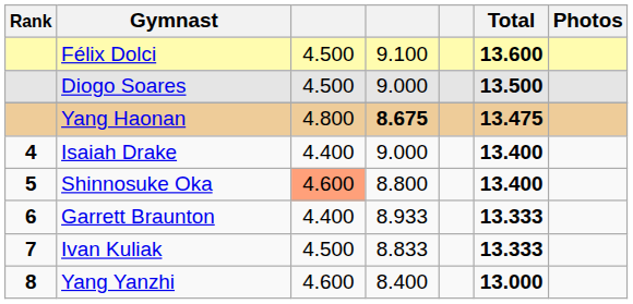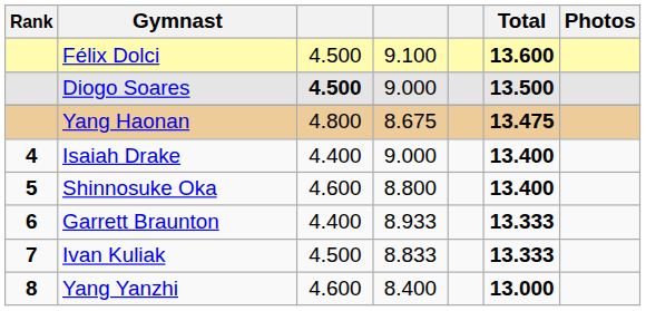 <table style="text-align:center;" class="wikitable sortable">
 <tr>
 <th scope="col" style="width:15px;"><small>Rank</small></th>
 <th scope="col" style="width:175px;">Gymnast</th>
 <th scope="col" style="width:50px;"><small></small></th>
 <th scope="col" style="width:50px;"><small></small></th>
 <th scope="col" style="width:20px;"><small></small></th>
 <th scope="col" style="width:50px;">Total</th>
 <th scope="col" style="width:50px;">Photos</th>
 </tr>
 <tr style="background:#fffcaf;">
 <td scope="row" style="text-align:center"><strong></strong></td>
 <td style="text-align:left;"> <a href='#'>Félix Dolci</a></td>
 <td>4.500</td>
 <td>9.100</td>
 <td></td>
 <td><strong>13.600</strong></td>
 <td></td>
 </tr>
 <tr style="background:#e5e5e5;">
 <td scope="row" style="text-align:center"><strong></strong></td>
 <td style="text-align:left;"> <a href='#'>Diogo Soares</a></td>
-<td>4.500</td>
+<td><strong>4.500</strong></td>
 <td>9.000</td>
 <td></td>
 <td><strong>13.500</strong></td>
 <td></td>
 </tr>
 <tr>
 </tr>
 <tr style="background:#ec9;">
 <td scope="row" style="text-align:center"><strong></strong></td>
 <td style="text-align:left;"> <a href='#'>Yang Haonan</a></td>
 <td>4.800</td>
-<td><strong>8.675</strong></td>
+<td>8.675</td>
 <td></td>
 <td><strong>13.475</strong></td>
 <td></td>
 </tr>
 <tr>
 <td scope="row" style="text-align:center"><strong>4</strong></td>
 <td style="text-align:left;"> <a href='#'>Isaiah Drake</a></td>
 <td>4.400</td>
 <td>9.000</td>
 <td></td>
 <td><strong>13.400</strong></td>
 <td></td>
 </tr>
 <tr>
 <td scope="row" style="text-align:center"><strong>5</strong></td>
 <td style="text-align:left;"> <a href='#'>Shinnosuke Oka</a></td>
-<td style="background: lightsalmon;">4.600</td>
+<td>4.600</td>
 <td>8.800</td>
 <td></td>
 <td><strong>13.400</strong></td>
 <td></td>
 </tr>
 <tr>
 <td scope="row" style="text-align:center"><strong>6</strong></td>
 <td style="text-align:left;"> <a href='#'>Garrett Braunton</a></td>
 <td>4.400</td>
 <td>8.933</td>
 <td></td>
 <td><strong>13.333</strong></td>
 <td></td>
 </tr>
 <tr>
 <td scope="row" style="text-align:center"><strong>7</strong></td>
 <td style="text-align:left;"> <a href='#'>Ivan Kuliak</a></td>
 <td>4.500</td>
 <td>8.833</td>
 <td></td>
 <td><strong>13.333</strong></td>
 <td></td>
 </tr>
 <tr>
 <td scope="row" style="text-align:center"><strong>8</strong></td>
 <td style="text-align:left;"> <a href='#'>Yang Yanzhi</a></td>
 <td>4.600</td>
 <td>8.400</td>
 <td></td>
 <td><strong>13.000</strong></td>
 <td></td>
 </tr>
 </table>
